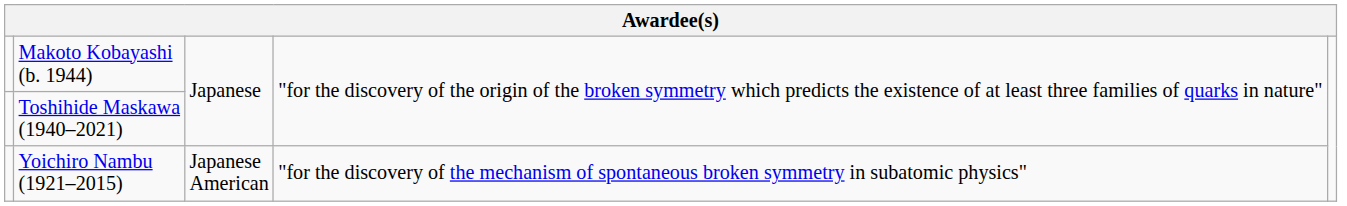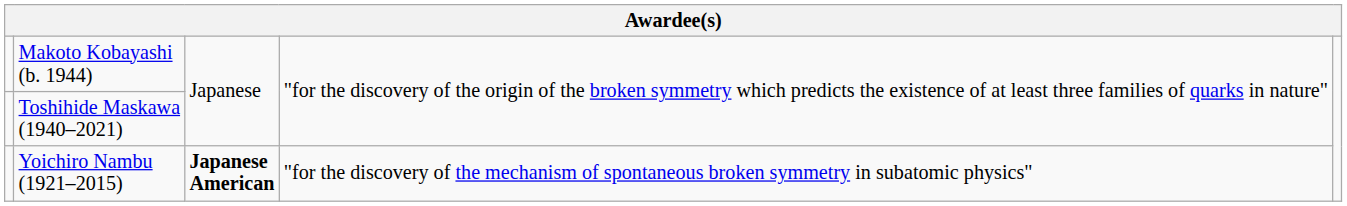 <table class="wikitable">
 <tr>
 <th colspan="5">Awardee(s)</th>
 </tr>
 <tr>
 <td></td>
 <td><a href='#'>Makoto Kobayashi</a><br>(b. 1944)</td>
 <td rowspan="2"> Japanese</td>
 <td rowspan="2">"for the discovery of the origin of the <a href='#'>broken symmetry</a> which predicts the existence of at least three families of <a href='#'>quarks</a> in nature"</td>
 <td rowspan="3"></td>
 </tr>
 <tr>
 <td></td>
 <td><a href='#'>Toshihide Maskawa</a><br>(1940–2021)</td>
 </tr>
 <tr>
 <td></td>
 <td><a href='#'>Yoichiro Nambu</a><br>(1921–2015)</td>
-<td> Japanese<br> American</td>
+<td><strong> Japanese<br> American</strong></td>
 <td>"for the discovery of <a href='#'>the mechanism of spontaneous broken symmetry</a> in subatomic physics"</td>
 </tr>
 </table>
